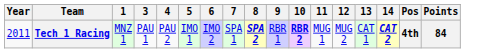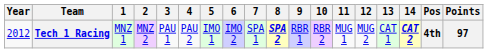 <table class="wikitable" style="text-align:center; font-size:85%">
 <tr>
 <th>Year</th>
 <th>Team</th>
 <th>1</th>
+<th>2</th>
 <th>3</th>
 <th>4</th>
 <th>5</th>
 <th>6</th>
 <th>7</th>
 <th>8</th>
 <th>9</th>
 <th>10</th>
 <th>11</th>
 <th>12</th>
 <th>13</th>
 <th>14</th>
 <th>Pos</th>
 <th>Points</th>
 </tr>
 <tr>
-<td><a href='#'>2011</a></td>
+<td><a href='#'>2012</a></td>
 <th nowrap><a href='#'>Tech 1 Racing</a></th>
 <td style="background:#DFFFDF;"><a href='#'>MNZ<br>1</a><br></td>
+<td style="background:#EFCFFF;"><a href='#'>MNZ<br>2</a><br></td>
 <td style="background:#;"><a href='#'>PAU<br>1</a><br></td>
 <td style="background:#;"><a href='#'>PAU<br>2</a><br></td>
 <td style="background:#DFFFDF;"><a href='#'>IMO<br>1</a><br></td>
 <td style="background:#CFCFFF;"><a href='#'>IMO<br>2</a><br></td>
 <td style="background:#DFFFDF;"><a href='#'>SPA<br>1</a><br></td>
 <td style="background:#FFFFBF;"><strong><em><a href='#'>SPA<br>2</a></em></strong><br></td>
 <td style="background:#CFCFFF;"><a href='#'>RBR<br>1</a><br></td>
-<td style="background:#EFCFFF;"><strong><a href='#'>RBR<br>2</a><br></strong></td>
+<td style="background:#EFCFFF;"><a href='#'>RBR<br>2</a><br></td>
 <td style="background:#;"><a href='#'>MUG<br>1</a><br></td>
 <td style="background:#;"><a href='#'>MUG<br>2</a><br></td>
 <td style="background:#DFFFDF;"><a href='#'>CAT<br>1</a><br></td>
 <td style="background:#FFFFBF;"><strong><em><a href='#'>CAT<br>2</a></em><br></strong></td>
 <th>4th</th>
-<th>84</th>
+<th>97</th>
 </tr>
 </table>
